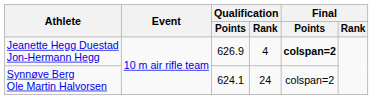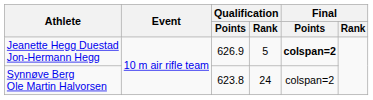 <table class="wikitable" style="font-size:90%">
 <tr>
 <th rowspan="2">Athlete</th>
 <th rowspan="2">Event</th>
 <th colspan=2>Qualification</th>
 <th colspan=2>Final</th>
 </tr>
 <tr style="font-size:95%">
 <th>Points</th>
 <th>Rank</th>
 <th>Points</th>
 <th>Rank</th>
 </tr>
 <tr align=center>
 <td align=left><a href='#'>Jeanette Hegg Duestad</a><br><a href='#'>Jon-Hermann Hegg</a></td>
 <td align=left rowspan=2><a href='#'>10 m air rifle team</a></td>
 <td>626.9</td>
-<td>4</td>
+<td>5</td>
 <td><strong>colspan=2 </strong></td>
 </tr>
 <tr align=center>
 <td align=left><a href='#'>Synnøve Berg</a><br><a href='#'>Ole Martin Halvorsen</a></td>
-<td>624.1</td>
+<td>623.8</td>
 <td>24</td>
 <td>colspan=2 </td>
 </tr>
 </table>
